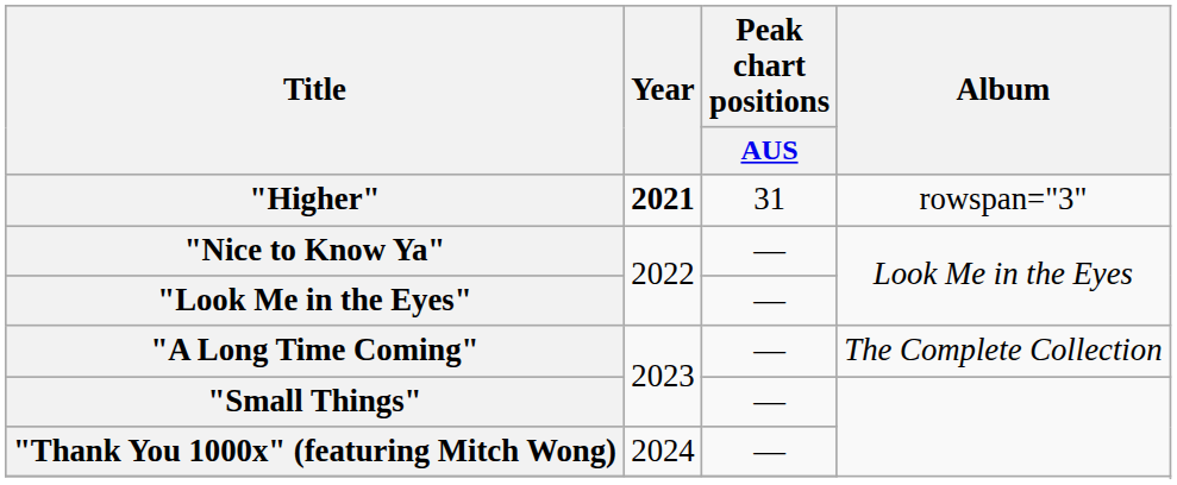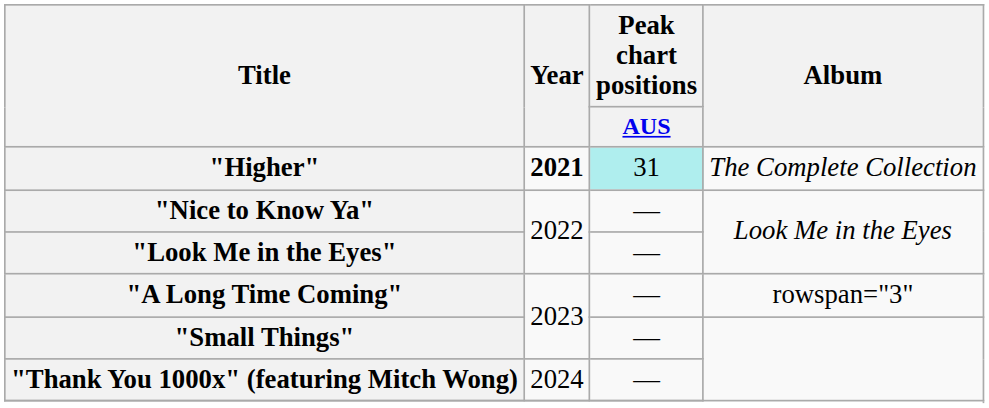 <table class="wikitable plainrowheaders" style="text-align:center;">
 <tr>
 <th scope="col" rowspan="2">Title</th>
 <th scope="col" rowspan="2">Year</th>
 <th scope="col" colspan="1">Peak chart positions</th>
 <th scope="col" rowspan="2">Album</th>
 </tr>
 <tr>
 <th scope="col" style="width:3em;font-size:90%;"><a href='#'>AUS</a><br></th>
 </tr>
 <tr>
 <th scope="row">"Higher"</th>
 <td><strong>2021</strong></td>
-<td>31</td>
-<td>rowspan="3" </td>
+<td style="background: paleturquoise;">31</td>
+<td><em>The Complete Collection</em></td>
 </tr>
 <tr>
 <th scope="row">"Nice to Know Ya"</th>
 <td rowspan="2">2022</td>
 <td>—</td>
 <td rowspan="2"><em>Look Me in the Eyes</em></td>
 </tr>
 <tr>
 <th scope="row">"Look Me in the Eyes"</th>
 <td>—</td>
 </tr>
 <tr>
 <th scope="row">"A Long Time Coming"</th>
 <td rowspan="2">2023</td>
 <td>—</td>
-<td><em>The Complete Collection</em></td>
+<td>rowspan="3" </td>
 </tr>
 <tr>
 <th scope="row">"Small Things"</th>
 <td>—</td>
 </tr>
 <tr>
 <th scope="row">"Thank You 1000x" (featuring Mitch Wong)</th>
 <td>2024</td>
 <td>—</td>
 </tr>
 <tr>
 </tr>
 </table>
